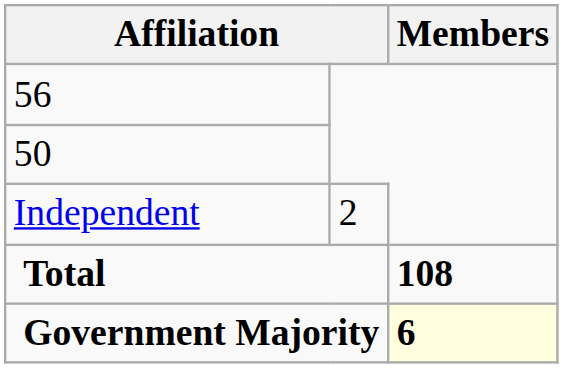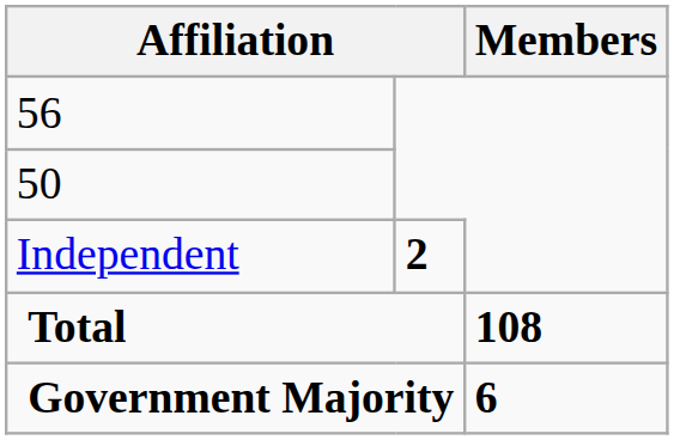 <table class="wikitable">
 <tr>
 <th colspan="2">Affiliation</th>
 <th>Members</th>
 </tr>
 <tr>
 <td>56</td>
 </tr>
 <tr>
 <td>50</td>
 </tr>
 <tr>
 <td align=left><a href='#'>Independent</a></td>
-<td>2</td>
+<td><strong>2</strong></td>
 </tr>
 <tr>
 <td colspan="2" style="text-align:left;"> <strong>Total</strong><br></td>
 <td><strong>108</strong></td>
 </tr>
 <tr>
 <td colspan="2" style="text-align:left;"> <strong>Government Majority</strong><br></td>
-<td style="background: lightyellow;"><strong>6</strong></td>
+<td><strong>6</strong></td>
 </tr>
 </table>
